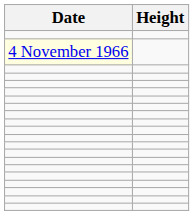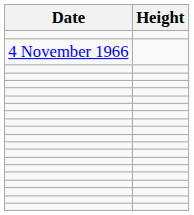 <table class="wikitable sortable">
 <tr>
 <th>Date</th>
 <th>Height</th>
 </tr>
 <tr>
 <td></td>
 <td></td>
 </tr>
 <tr>
-<td style="background: lightyellow;"><a href='#'>4 November 1966</a></td>
+<td><a href='#'>4 November 1966</a></td>
 <td></td>
 </tr>
 <tr>
 <td></td>
 <td></td>
 </tr>
 <tr>
 <td></td>
 <td></td>
 </tr>
 <tr>
 <td></td>
 <td></td>
 </tr>
 <tr>
 <td></td>
 <td></td>
 </tr>
 <tr>
 <td></td>
 <td></td>
 </tr>
 <tr>
 <td></td>
 <td></td>
 </tr>
 <tr>
 <td></td>
 <td></td>
 </tr>
 <tr>
 <td></td>
 <td></td>
 </tr>
 <tr>
 <td></td>
 <td></td>
 </tr>
 <tr>
 <td></td>
 <td></td>
 </tr>
 <tr>
 <td></td>
 <td></td>
 </tr>
 <tr>
 <td></td>
 <td></td>
 </tr>
 <tr>
 <td></td>
 <td></td>
 </tr>
 <tr>
 <td></td>
 <td></td>
 </tr>
 <tr>
 <td></td>
 <td></td>
 </tr>
 <tr>
 <td></td>
 <td></td>
 </tr>
 <tr>
 <td></td>
 <td></td>
 </tr>
 <tr>
 <td></td>
 <td></td>
 </tr>
 <tr>
 <td></td>
 <td></td>
 </tr>
 </table>
